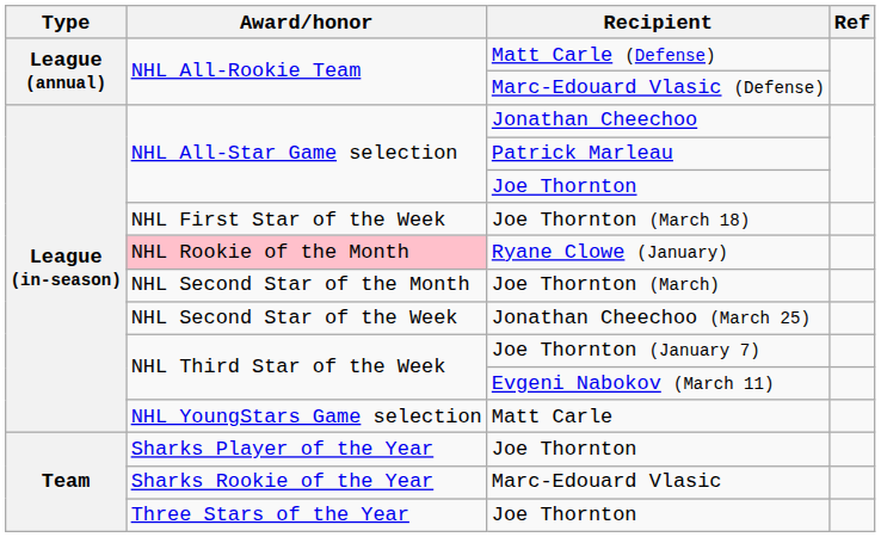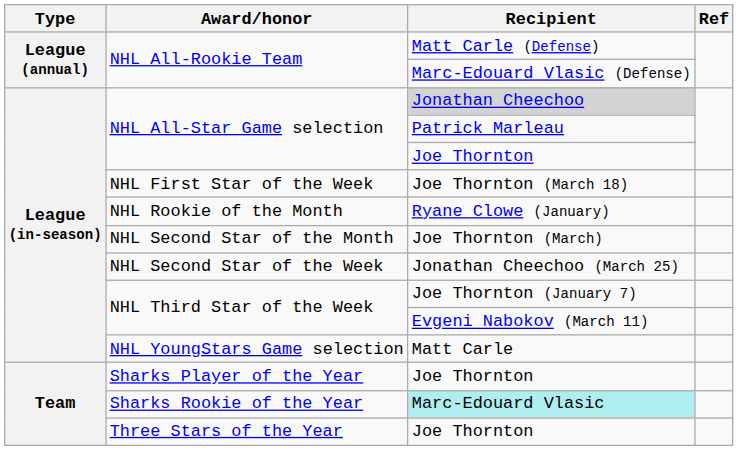 <table class="wikitable">
 <tr>
 <th scope="col">Type</th>
 <th scope="col">Award/honor</th>
 <th scope="col">Recipient</th>
 <th scope="col">Ref</th>
 </tr>
 <tr>
 <th scope="row" rowspan="2">League<br><small>(annual)</small></th>
 <td rowspan="2"><a href='#'>NHL All-Rookie Team</a></td>
 <td><a href='#'>Matt Carle</a> <small>(<a href='#'>Defense</a>)</small></td>
 <td rowspan="2"></td>
 </tr>
 <tr>
 <td><a href='#'>Marc-Edouard Vlasic</a> <small>(Defense)</small></td>
 </tr>
 <tr>
 <th scope="row" rowspan="10">League<br><small>(in-season)</small></th>
 <td rowspan="3"><a href='#'>NHL All-Star Game</a> selection</td>
-<td><a href='#'>Jonathan Cheechoo</a></td>
+<td style="background: lightgrey;"><a href='#'>Jonathan Cheechoo</a></td>
 <td rowspan="3"></td>
 </tr>
 <tr>
 <td><a href='#'>Patrick Marleau</a></td>
 </tr>
 <tr>
 <td><a href='#'>Joe Thornton</a></td>
 </tr>
 <tr>
 <td>NHL First Star of the Week</td>
 <td>Joe Thornton <small>(March 18)</small></td>
 <td></td>
 </tr>
 <tr>
-<td style="background: pink;">NHL Rookie of the Month</td>
+<td>NHL Rookie of the Month</td>
 <td><a href='#'>Ryane Clowe</a> <small>(January)</small></td>
 <td></td>
 </tr>
 <tr>
 <td>NHL Second Star of the Month</td>
 <td>Joe Thornton <small>(March)</small></td>
 <td></td>
 </tr>
 <tr>
 <td>NHL Second Star of the Week</td>
 <td>Jonathan Cheechoo <small>(March 25)</small></td>
 <td></td>
 </tr>
 <tr>
 <td rowspan="2">NHL Third Star of the Week</td>
 <td>Joe Thornton <small>(January 7)</small></td>
 <td></td>
 </tr>
 <tr>
 <td><a href='#'>Evgeni Nabokov</a> <small>(March 11)</small></td>
 <td></td>
 </tr>
 <tr>
 <td><a href='#'>NHL YoungStars Game</a> selection</td>
 <td>Matt Carle</td>
 <td></td>
 </tr>
 <tr>
 <th scope="row" rowspan="3">Team</th>
 <td><a href='#'>Sharks Player of the Year</a></td>
 <td>Joe Thornton</td>
 <td></td>
 </tr>
 <tr>
 <td><a href='#'>Sharks Rookie of the Year</a></td>
-<td>Marc-Edouard Vlasic</td>
+<td style="background: paleturquoise;">Marc-Edouard Vlasic</td>
 <td></td>
 </tr>
 <tr>
 <td><a href='#'>Three Stars of the Year</a></td>
 <td>Joe Thornton</td>
 <td></td>
 </tr>
 </table>
